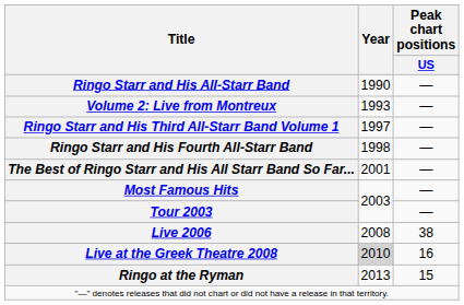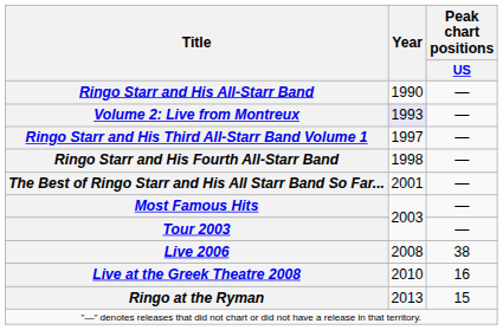 <table class="wikitable plainrowheaders">
 <tr>
 <th scope="col" rowspan="2">Title</th>
 <th scope="col" rowspan="2">Year</th>
 <th scope="col" colspan="1">Peak chart positions</th>
 </tr>
 <tr>
 <th scope="col" style="width:3em;font-size:90%"><a href='#'>US</a><br></th>
 </tr>
 <tr>
 <th scope="row"><em><a href='#'>Ringo Starr and His All-Starr Band</a></em></th>
 <td>1990</td>
 <td align=center>—</td>
 </tr>
 <tr>
 <th scope="row"><em><a href='#'>Volume 2: Live from Montreux</a></em></th>
-<td>1993</td>
+<td style="background: lavender;">1993</td>
 <td align=center>—</td>
 </tr>
 <tr>
 <th scope="row"><em><a href='#'>Ringo Starr and His Third All-Starr Band Volume 1</a></em></th>
 <td>1997</td>
 <td align=center>—</td>
 </tr>
 <tr>
 <th scope="row"><em>Ringo Starr and His Fourth All-Starr Band</em></th>
 <td>1998</td>
 <td align=center>—</td>
 </tr>
 <tr>
 <th scope="row"><em>The Best of Ringo Starr and His All Starr Band So Far...</em></th>
 <td>2001</td>
 <td align=center>—</td>
 </tr>
 <tr>
 <th scope="row"><em><a href='#'>Most Famous Hits</a></em></th>
 <td rowspan=2>2003</td>
 <td align=center>—</td>
 </tr>
 <tr>
 <th scope="row"><em><a href='#'>Tour 2003</a></em></th>
 <td align=center>—</td>
 </tr>
 <tr>
 <th scope="row"><em><a href='#'>Live 2006</a></em></th>
 <td>2008</td>
 <td align=center>38</td>
 </tr>
 <tr>
 <th scope="row"><em><a href='#'>Live at the Greek Theatre 2008</a></em></th>
-<td style="background: lightgrey;">2010</td>
+<td>2010</td>
 <td align=center>16</td>
 </tr>
 <tr>
 <th scope="row"><em>Ringo at the Ryman</em></th>
 <td>2013</td>
 <td align=center>15</td>
 </tr>
 <tr>
 <td colspan="3" style="text-align:center; font-size:8pt;">"—" denotes releases that did not chart or did not have a release in that territory.</td>
 </tr>
 </table>
